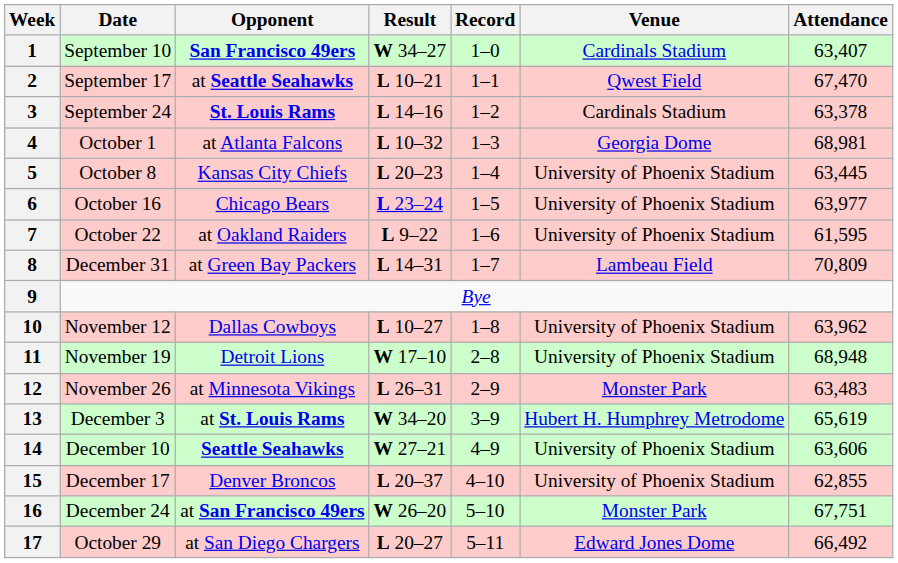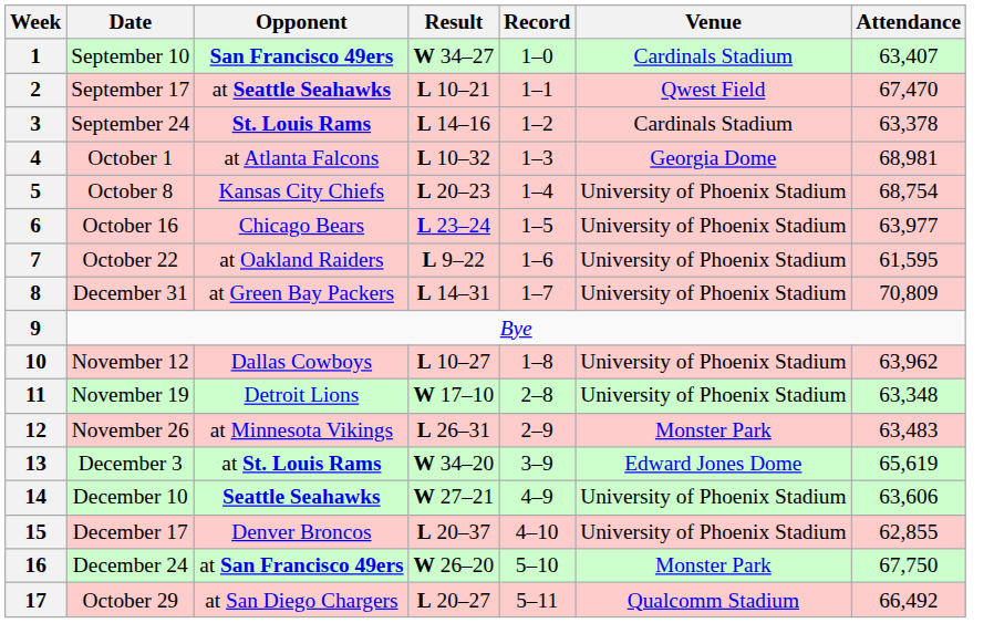 <table class="wikitable" style="text-align:center">
 <tr>
 <th>Week</th>
 <th>Date</th>
 <th>Opponent</th>
 <th>Result</th>
 <th>Record</th>
 <th>Venue</th>
 <th>Attendance</th>
 </tr>
 <tr style="background:#cfc">
 <th>1</th>
 <td>September 10</td>
 <td><strong><a href='#'>San Francisco 49ers</a></strong></td>
 <td><strong>W</strong> 34–27</td>
 <td>1–0</td>
 <td><a href='#'>Cardinals Stadium</a></td>
 <td>63,407</td>
 </tr>
 <tr style="background:#fcc">
 <th>2</th>
 <td>September 17</td>
 <td>at <strong><a href='#'>Seattle Seahawks</a></strong></td>
 <td><strong>L</strong> 10–21</td>
 <td>1–1</td>
 <td><a href='#'>Qwest Field</a></td>
 <td>67,470</td>
 </tr>
 <tr style="background:#fcc">
 <th>3</th>
 <td>September 24</td>
 <td><strong><a href='#'>St. Louis Rams</a></strong></td>
 <td><strong>L</strong> 14–16</td>
 <td>1–2</td>
 <td>Cardinals	Stadium</td>
 <td>63,378</td>
 </tr>
 <tr style="background:#fcc">
 <th>4</th>
 <td>October 1</td>
 <td>at <a href='#'>Atlanta Falcons</a></td>
 <td><strong>L</strong> 10–32</td>
 <td>1–3</td>
 <td><a href='#'>Georgia Dome</a></td>
 <td>68,981</td>
 </tr>
 <tr style="background:#fcc">
 <th>5</th>
 <td>October 8</td>
 <td><a href='#'>Kansas City Chiefs</a></td>
 <td><strong>L</strong> 20–23</td>
 <td>1–4</td>
 <td>University of Phoenix Stadium</td>
-<td>63,445</td>
+<td>68,754</td>
 </tr>
 <tr style="background:#fcc">
 <th>6</th>
 <td>October 16</td>
 <td><a href='#'>Chicago Bears</a></td>
 <td><a href='#'><strong>L</strong> 23–24</a></td>
 <td>1–5</td>
 <td>University of Phoenix Stadium</td>
 <td>63,977</td>
 </tr>
 <tr style="background:#fcc">
 <th>7</th>
 <td>October 22</td>
 <td>at <a href='#'>Oakland Raiders</a></td>
 <td><strong>L</strong> 9–22</td>
 <td>1–6</td>
 <td>University of Phoenix Stadium</td>
 <td>61,595</td>
 </tr>
 <tr style="background:#fcc">
 <th>8</th>
 <td>December 31</td>
 <td>at <a href='#'>Green Bay Packers</a></td>
 <td><strong>L</strong> 14–31</td>
 <td>1–7</td>
-<td><a href='#'>Lambeau Field</a></td>
+<td>University of Phoenix Stadium</td>
 <td>70,809</td>
 </tr>
 <tr>
 <th>9</th>
 <td colspan="7"><em><a href='#'>Bye</a></em></td>
 </tr>
 <tr style="background:#fcc">
 <th>10</th>
 <td>November 12</td>
 <td><a href='#'>Dallas Cowboys</a></td>
 <td><strong>L</strong> 10–27</td>
 <td>1–8</td>
 <td>University of Phoenix Stadium</td>
 <td>63,962</td>
 </tr>
 <tr style="background:#cfc">
 <th>11</th>
 <td>November 19</td>
 <td><a href='#'>Detroit Lions</a></td>
 <td><strong>W</strong> 17–10</td>
 <td>2–8</td>
 <td>University of Phoenix Stadium</td>
-<td>68,948</td>
+<td>63,348</td>
 </tr>
 <tr style="background:#fcc">
 <th>12</th>
 <td>November 26</td>
 <td>at <a href='#'>Minnesota Vikings</a></td>
 <td><strong>L</strong> 26–31</td>
 <td>2–9</td>
 <td><a href='#'>Monster Park</a></td>
 <td>63,483</td>
 </tr>
 <tr style="background:#cfc">
 <th>13</th>
 <td>December 3</td>
 <td>at <strong><a href='#'>St. Louis Rams</a></strong></td>
 <td><strong>W</strong> 34–20</td>
 <td>3–9</td>
-<td><a href='#'>Hubert H. Humphrey Metrodome</a></td>
+<td><a href='#'>Edward Jones Dome</a></td>
 <td>65,619</td>
 </tr>
 <tr style="background:#cfc">
 <th>14</th>
 <td>December 10</td>
 <td><strong><a href='#'>Seattle Seahawks</a></strong></td>
 <td><strong>W</strong> 27–21</td>
 <td>4–9</td>
 <td>University of Phoenix Stadium</td>
 <td>63,606</td>
 </tr>
 <tr style="background:#fcc">
 <th>15</th>
 <td>December 17</td>
 <td><a href='#'>Denver Broncos</a></td>
 <td><strong>L</strong> 20–37</td>
 <td>4–10</td>
 <td>University of Phoenix Stadium</td>
 <td>62,855</td>
 </tr>
 <tr style="background:#cfc">
 <th>16</th>
 <td>December 24</td>
 <td>at <strong><a href='#'>San Francisco 49ers</a></strong></td>
 <td><strong>W</strong> 26–20</td>
 <td>5–10</td>
 <td><a href='#'>Monster Park</a></td>
-<td>67,751</td>
+<td>67,750</td>
 </tr>
 <tr style="background:#fcc">
 <th>17</th>
 <td>October 29</td>
 <td>at <a href='#'>San Diego Chargers</a></td>
 <td><strong>L</strong> 20–27</td>
 <td>5–11</td>
-<td><a href='#'>Edward Jones Dome</a></td>
+<td><a href='#'>Qualcomm Stadium</a></td>
 <td>66,492</td>
 </tr>
 </table>
